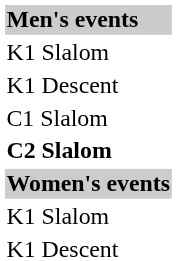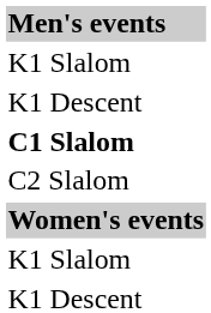 <table>
 <tr bgcolor="#cccccc">
 <td colspan=7><strong>Men's events</strong></td>
 </tr>
 <tr>
 <td>K1 Slalom<br><small><em></em></small></td>
 <td><strong></strong></td>
 <td></td>
 <td></td>
 </tr>
 <tr>
 <td>K1 Descent<br><small><em></em></small></td>
 <td><strong></strong></td>
 <td></td>
 <td></td>
 </tr>
 <tr>
-<td>C1 Slalom<br><small><em></em></small></td>
+<td><strong>C1 Slalom<br><small><em></em></small></strong></td>
 <td><strong></strong></td>
 <td></td>
 <td></td>
 </tr>
 <tr>
-<td><strong>C2 Slalom<br><small><em></em></small></strong></td>
+<td>C2 Slalom<br><small><em></em></small></td>
 <td><strong><br></strong></td>
 <td><br></td>
 <td><br></td>
 </tr>
 <tr bgcolor="#cccccc">
 <td colspan=7><strong>Women's events</strong></td>
 </tr>
 <tr>
 <td>K1 Slalom<br><small><em></em></small></td>
 <td><strong></strong></td>
 <td></td>
 <td></td>
 </tr>
 <tr>
 <td>K1 Descent<br><small><em></em></small></td>
 <td><strong></strong></td>
 <td></td>
 <td></td>
 </tr>
 </table>
